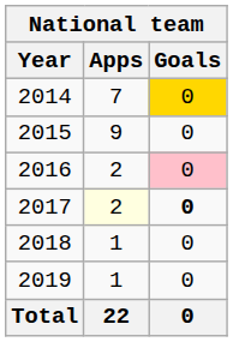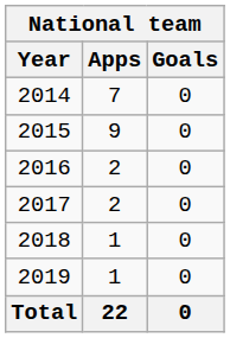 <table class="wikitable" style="text-align:center">
 <tr>
 <th colspan=3>National team</th>
 </tr>
 <tr>
 <th>Year</th>
 <th>Apps</th>
 <th>Goals</th>
 </tr>
 <tr>
 <td>2014</td>
 <td>7</td>
-<td style="background: gold;">0</td>
+<td>0</td>
 </tr>
 <tr>
 <td>2015</td>
 <td>9</td>
 <td>0</td>
 </tr>
 <tr>
 <td>2016</td>
 <td>2</td>
-<td style="background: pink;">0</td>
+<td>0</td>
 </tr>
 <tr>
 <td>2017</td>
-<td style="background: lightyellow;">2</td>
-<td><strong>0</strong></td>
+<td>2</td>
+<td>0</td>
 </tr>
 <tr>
 <td>2018</td>
 <td>1</td>
 <td>0</td>
 </tr>
 <tr>
 <td>2019</td>
 <td>1</td>
 <td>0</td>
 </tr>
 <tr>
 <th>Total</th>
 <th>22</th>
 <th>0</th>
 </tr>
 </table>
